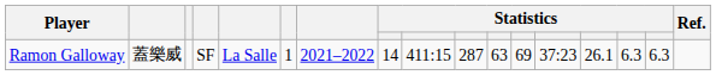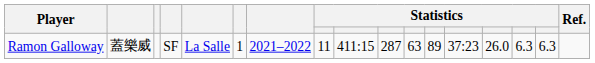 <table class="wikitable sortable" style="font-size:95%; text-align:right;">
 <tr>
 <th rowspan="2">Player</th>
 <th rowspan="2"></th>
 <th rowspan="2"></th>
 <th rowspan="2"></th>
 <th rowspan="2"></th>
 <th rowspan="2"></th>
 <th rowspan="2"></th>
 <th colspan="9">Statistics</th>
 <th rowspan="2">Ref.</th>
 </tr>
 <tr>
 <th></th>
 <th></th>
 <th></th>
 <th></th>
 <th></th>
 <th></th>
 <th></th>
 <th></th>
 <th></th>
 </tr>
 <tr>
 <td align="left"><a href='#'>Ramon Galloway</a></td>
 <td align="left">蓋樂威</td>
 <td align="center"></td>
 <td align="center">SF</td>
 <td align="left"><a href='#'>La Salle</a></td>
 <td align="center">1</td>
 <td align="center"><a href='#'>2021–2022</a></td>
-<td>14</td>
+<td>11</td>
 <td>411:15</td>
 <td>287</td>
 <td>63</td>
-<td>69</td>
+<td>89</td>
 <td>37:23</td>
-<td>26.1</td>
+<td>26.0</td>
 <td>6.3</td>
 <td>6.3</td>
 <td align="center"></td>
 </tr>
 </table>
